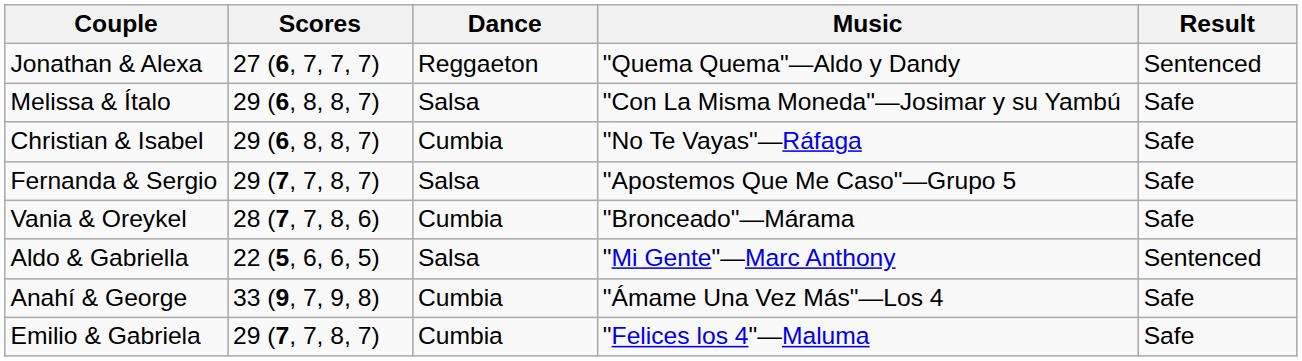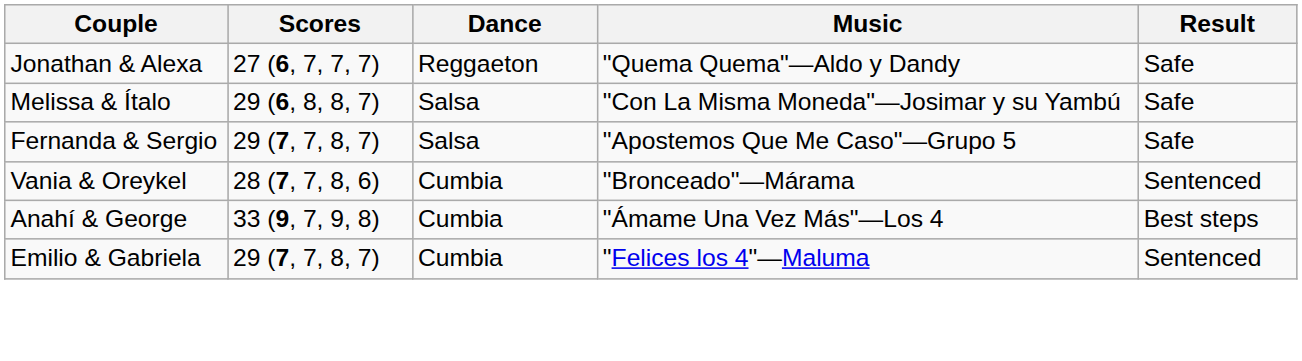 <table class="wikitable sortable" style="width:95%; white-space:nowrap;">
 <tr>
 <th style="width:15%;">Couple</th>
 <th style="width:14%;">Scores</th>
 <th style="width:14%;">Dance</th>
 <th style="width:40%;">Music</th>
 <th style="width:12%;">Result</th>
 </tr>
 <tr>
 <td>Jonathan & Alexa</td>
 <td>27 (<strong>6</strong>, 7, 7, 7)</td>
 <td>Reggaeton</td>
 <td>"Quema Quema"—Aldo y Dandy</td>
-<td>Sentenced</td>
+<td>Safe</td>
 </tr>
 <tr>
 <td>Melissa & Ítalo</td>
 <td>29 (<strong>6</strong>, 8, 8, 7)</td>
 <td>Salsa</td>
 <td>"Con La Misma Moneda"—Josimar y su Yambú</td>
-<td>Safe</td>
-</tr>
-<tr>
-<td>Christian & Isabel</td>
-<td>29 (<strong>6</strong>, 8, 8, 7)</td>
-<td>Cumbia</td>
-<td>"No Te Vayas"—<a href='#'>Ráfaga</a></td>
 <td>Safe</td>
 </tr>
 <tr>
 <td>Fernanda & Sergio</td>
 <td>29 (<strong>7</strong>, 7, 8, 7)</td>
 <td>Salsa</td>
 <td>"Apostemos Que Me Caso"—Grupo 5</td>
 <td>Safe</td>
 </tr>
 <tr>
 <td>Vania & Oreykel</td>
 <td>28 (<strong>7</strong>, 7, 8, 6)</td>
 <td>Cumbia</td>
 <td>"Bronceado"—Márama</td>
-<td>Safe</td>
-</tr>
-<tr>
-<td>Aldo & Gabriella</td>
-<td>22 (<strong>5</strong>, 6, 6, 5)</td>
-<td>Salsa</td>
-<td>"<a href='#'>Mi Gente</a>"—<a href='#'>Marc Anthony</a></td>
 <td>Sentenced</td>
 </tr>
 <tr>
 <td>Anahí & George</td>
 <td>33 (<strong>9</strong>, 7, 9, 8)</td>
 <td>Cumbia</td>
 <td>"Ámame Una Vez Más"—Los 4</td>
-<td>Safe</td>
+<td>Best steps</td>
 </tr>
 <tr>
 <td>Emilio & Gabriela</td>
 <td>29 (<strong>7</strong>, 7, 8, 7)</td>
 <td>Cumbia</td>
 <td>"<a href='#'>Felices los 4</a>"—<a href='#'>Maluma</a></td>
-<td>Safe</td>
+<td>Sentenced</td>
 </tr>
 </table>
